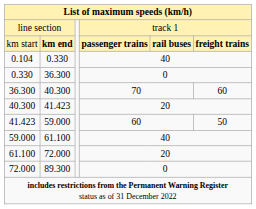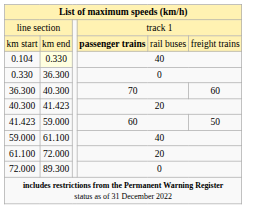 <table class="wikitable" style="text-align:center; font-size:85%">
 <tr>
 <th colspan="6" style="background-color: #fff2b2">List of maximum speeds (km/h)</th>
 </tr>
 <tr>
 <td colspan="2" style="background-color: #fff2b2">line section</td>
 <td rowspan="10"></td>
 <td colspan="3" style="background-color: #fff2b2">track 1</td>
 </tr>
 <tr>
 <td style="background-color: #fff2b2">km start</td>
-<td style="background-color: #fff2b2"><strong>km end</strong></td>
+<td style="background-color: #fff2b2">km end</td>
 <td style="background-color: #fff2b2"><strong>passenger trains</strong></td>
-<td style="background-color: #fff2b2"><strong>rail buses</strong></td>
-<td style="background-color: #fff2b2"><strong>freight trains</strong></td>
+<td style="background-color: #fff2b2">rail buses</td>
+<td style="background-color: #fff2b2">freight trains</td>
 </tr>
 <tr>
 <td>0.104</td>
-<td>0.330</td>
+<td style="background: lightyellow;">0.330</td>
 <td colspan="3">40</td>
 </tr>
 <tr>
 <td>0.330</td>
 <td>36.300</td>
 <td colspan="3">0</td>
 </tr>
 <tr>
 <td>36.300</td>
 <td>40.300</td>
 <td colspan="2">70</td>
 <td>60</td>
 </tr>
 <tr>
 <td>40.300</td>
 <td>41.423</td>
 <td colspan="3">20</td>
 </tr>
 <tr>
 <td>41.423</td>
 <td>59.000</td>
 <td colspan="2">60</td>
 <td>50</td>
 </tr>
 <tr>
 <td>59.000</td>
 <td>61.100</td>
 <td colspan="3">40</td>
 </tr>
 <tr>
 <td>61.100</td>
 <td>72.000</td>
 <td colspan="3">20</td>
 </tr>
 <tr>
 <td>72.000</td>
 <td>89.300</td>
 <td colspan="3">0</td>
 </tr>
 <tr>
 <td colspan="6"><small><strong>includes restrictions from the Permanent Warning Register</strong></small><br><small>status as of 31 December 2022</small></td>
 </tr>
 </table>
